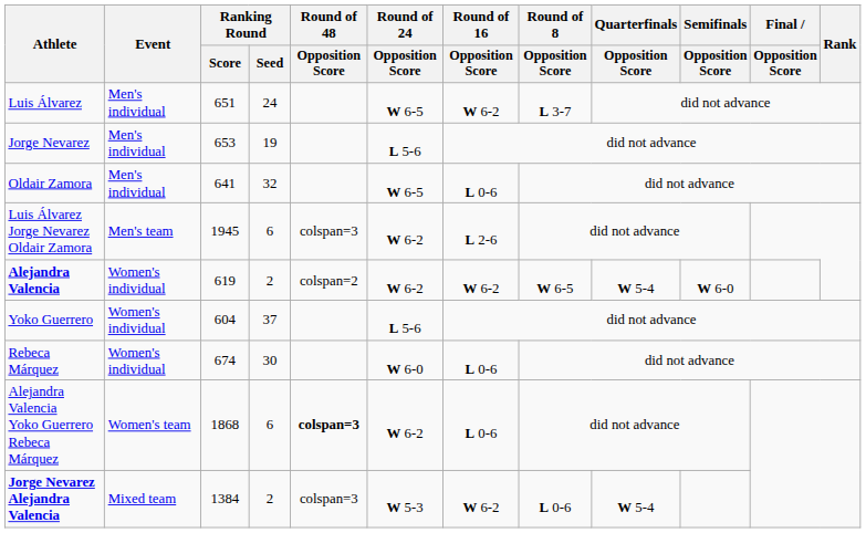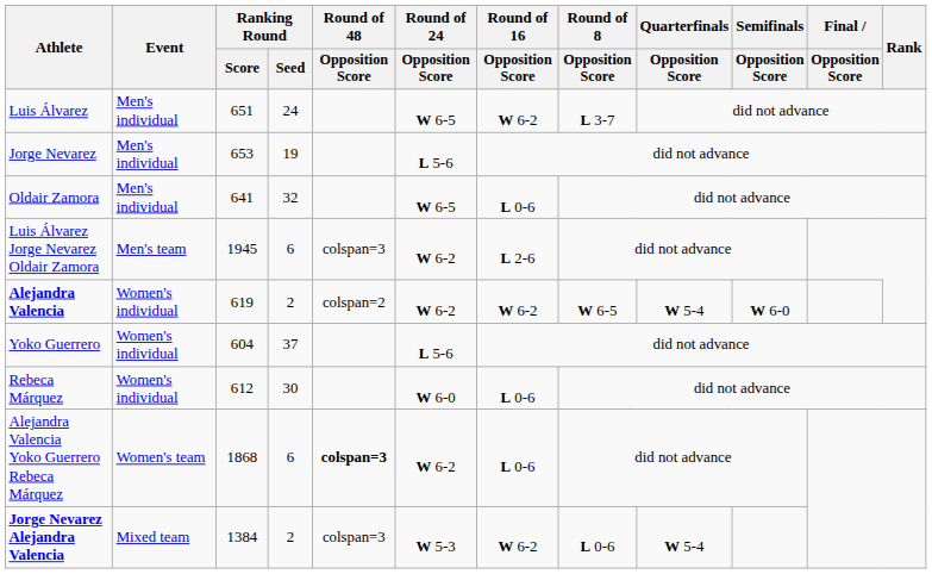 <table class="wikitable" style="font-size:90%">
 <tr>
 <th rowspan="2">Athlete</th>
 <th rowspan="2">Event</th>
 <th colspan="2">Ranking Round</th>
 <th>Round of 48</th>
 <th>Round of 24</th>
 <th>Round of 16</th>
 <th>Round of 8</th>
 <th>Quarterfinals</th>
 <th>Semifinals</th>
 <th>Final / </th>
 <th rowspan="2">Rank</th>
 </tr>
 <tr style="font-size:95%">
 <th>Score</th>
 <th>Seed</th>
 <th>Opposition<br>Score</th>
 <th>Opposition<br>Score</th>
 <th>Opposition<br>Score</th>
 <th>Opposition<br>Score</th>
 <th>Opposition<br>Score</th>
 <th>Opposition<br>Score</th>
 <th>Opposition<br>Score</th>
 </tr>
 <tr align=center>
 <td align=left><a href='#'>Luis Álvarez</a></td>
 <td align=left><a href='#'>Men's individual</a></td>
 <td>651</td>
 <td>24</td>
 <td></td>
 <td><br><strong>W</strong> 6-5</td>
 <td><br><strong>W</strong> 6-2</td>
 <td><br><strong>L</strong> 3-7</td>
 <td colspan=4>did not advance</td>
 </tr>
 <tr align=center>
 <td align=left><a href='#'>Jorge Nevarez</a></td>
 <td align=left><a href='#'>Men's individual</a></td>
 <td>653</td>
 <td>19</td>
 <td></td>
 <td><br><strong>L</strong> 5-6</td>
 <td colspan=6>did not advance</td>
 </tr>
 <tr align=center>
 <td align=left><a href='#'>Oldair Zamora</a></td>
 <td align=left><a href='#'>Men's individual</a></td>
 <td>641</td>
 <td>32</td>
 <td></td>
 <td><br><strong>W</strong> 6-5</td>
 <td><br><strong>L</strong> 0-6</td>
 <td colspan=5>did not advance</td>
 </tr>
 <tr align=center>
 <td align=left><a href='#'>Luis Álvarez</a><br><a href='#'>Jorge Nevarez</a><br><a href='#'>Oldair Zamora</a></td>
 <td align=left><a href='#'>Men's team</a></td>
 <td>1945</td>
 <td>6</td>
 <td>colspan=3 </td>
 <td><br> <strong>W</strong> 6-2</td>
 <td><br> <strong>L</strong> 2-6</td>
 <td colspan=3>did not advance</td>
 </tr>
 <tr align=center>
 <td align=left><strong><a href='#'>Alejandra Valencia</a></strong></td>
 <td align=left><a href='#'>Women's individual</a></td>
 <td>619</td>
 <td>2</td>
 <td>colspan=2 </td>
 <td><br><strong>W</strong> 6-2</td>
 <td><br><strong>W</strong> 6-2</td>
 <td><br><strong>W</strong> 6-5</td>
 <td><br><strong>W</strong> 5-4</td>
 <td><br><strong>W</strong> 6-0</td>
 <td></td>
 </tr>
 <tr align=center>
 <td align=left><a href='#'>Yoko Guerrero</a></td>
 <td align=left><a href='#'>Women's individual</a></td>
 <td>604</td>
 <td>37</td>
 <td></td>
 <td><br><strong>L</strong> 5-6</td>
 <td colspan=6>did not advance</td>
 </tr>
 <tr align=center>
 <td align=left><a href='#'>Rebeca Márquez</a></td>
 <td align=left><a href='#'>Women's individual</a></td>
-<td>674</td>
+<td>612</td>
 <td>30</td>
 <td></td>
 <td><br><strong>W</strong> 6-0</td>
 <td><br><strong>L</strong> 0-6</td>
 <td colspan=5>did not advance</td>
 </tr>
 <tr align=center>
 <td align=left><a href='#'>Alejandra Valencia</a><br><a href='#'>Yoko Guerrero</a><br><a href='#'>Rebeca Márquez</a></td>
 <td align=left><a href='#'>Women's team</a></td>
 <td>1868</td>
 <td>6</td>
 <td><strong>colspan=3 </strong></td>
 <td><br><strong>W</strong> 6-2</td>
 <td><br><strong>L</strong> 0-6</td>
 <td colspan=3>did not advance</td>
 </tr>
 <tr align=center>
 <td align=left><strong><a href='#'>Jorge Nevarez</a><br><a href='#'>Alejandra Valencia</a></strong></td>
 <td align=left><a href='#'>Mixed team</a></td>
 <td>1384</td>
 <td>2</td>
 <td>colspan=3 </td>
 <td><br><strong>W</strong> 5-3</td>
 <td><br><strong>W</strong> 6-2</td>
 <td><br><strong>L</strong> 0-6</td>
 <td><br><strong>W</strong> 5-4</td>
 <td></td>
 </tr>
 </table>
